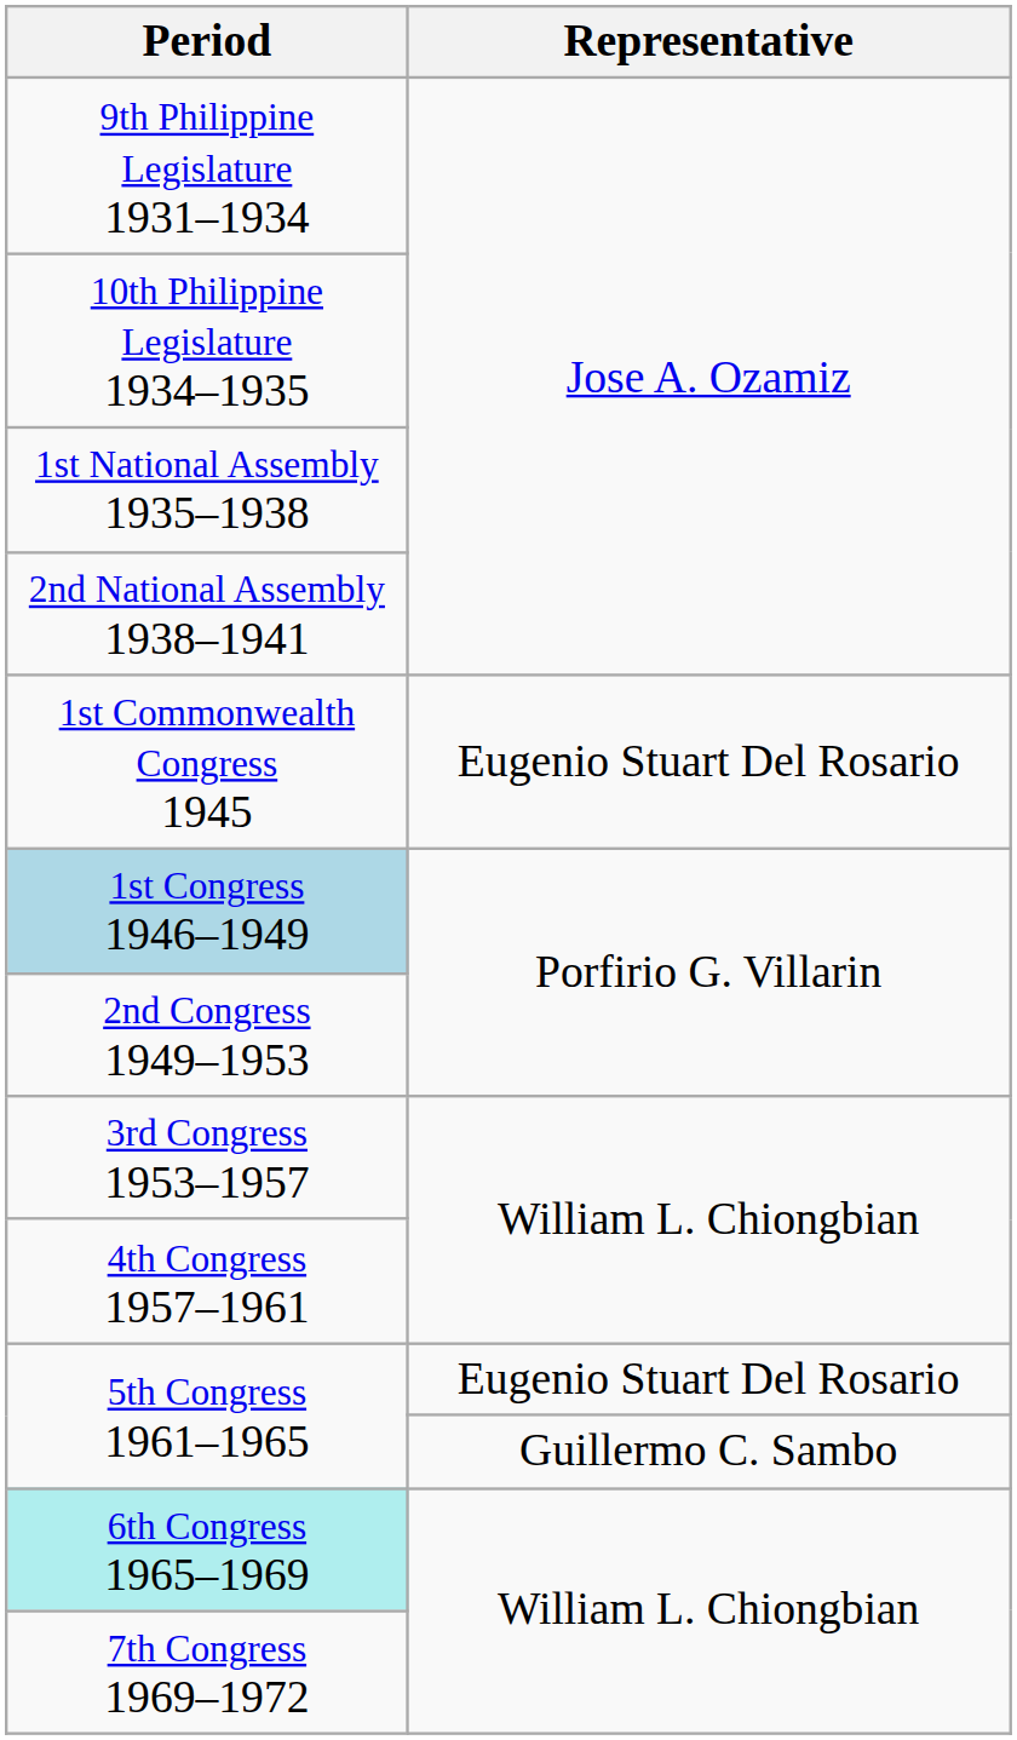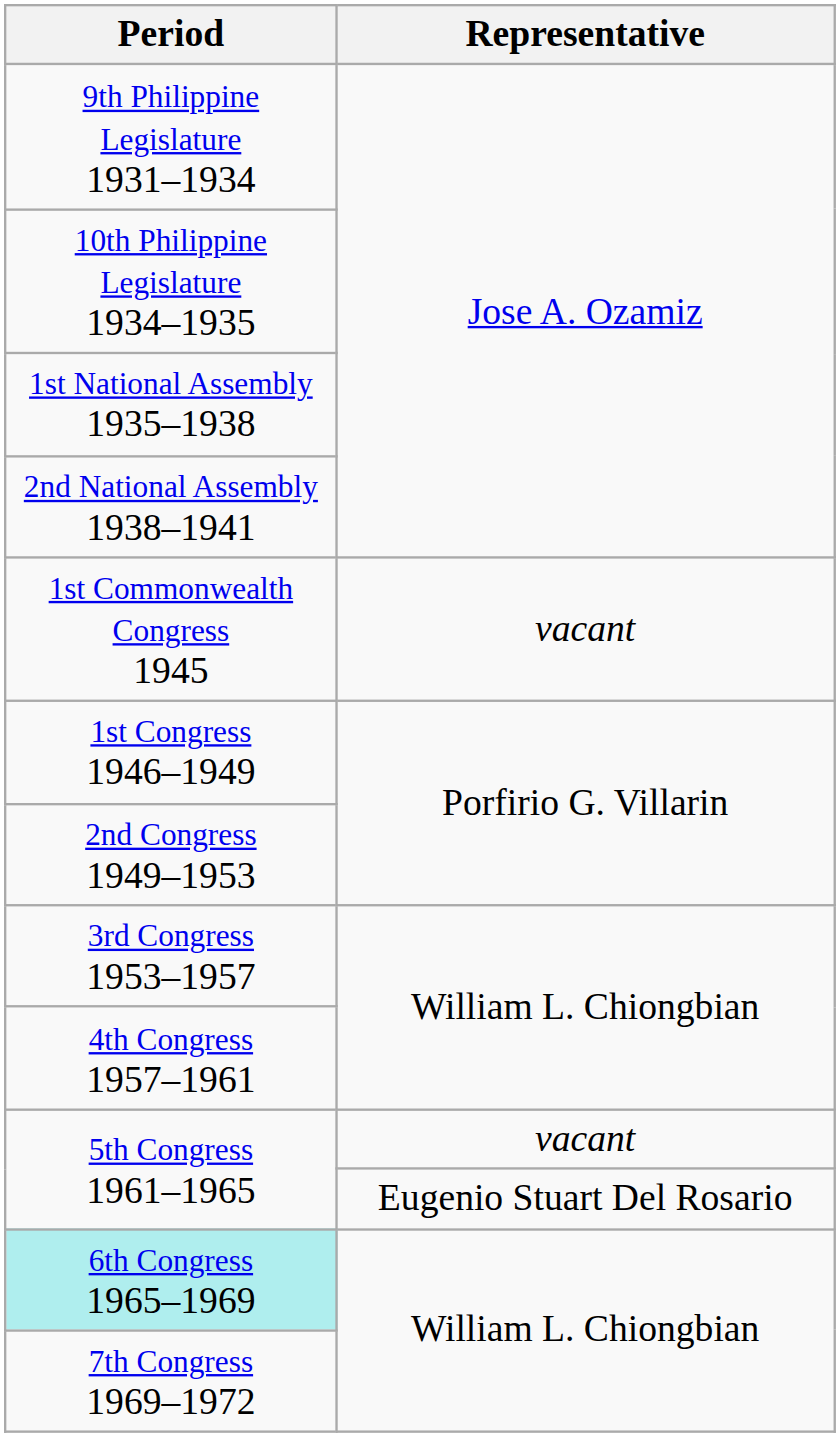 <table class="wikitable" style="text-align:center; width:40%;">
 <tr>
 <th width="40%">Period</th>
 <th>Representative</th>
 </tr>
 <tr>
 <td><small><a href='#'>9th Philippine Legislature</a></small><br>1931–1934</td>
 <td rowspan="4"><a href='#'>Jose A. Ozamiz</a></td>
 </tr>
 <tr>
 <td><small><a href='#'>10th Philippine Legislature</a></small><br>1934–1935</td>
 </tr>
 <tr>
 <td><small><a href='#'>1st National Assembly</a></small><br>1935–1938</td>
 </tr>
 <tr>
 <td><small><a href='#'>2nd National Assembly</a></small><br>1938–1941</td>
 </tr>
 <tr>
 <td><small><a href='#'>1st Commonwealth Congress</a></small><br>1945</td>
-<td>Eugenio Stuart Del Rosario</td>
+<td><em>vacant</em></td>
 </tr>
 <tr>
-<td style="background: lightblue;"><small><a href='#'>1st Congress</a></small><br>1946–1949</td>
+<td><small><a href='#'>1st Congress</a></small><br>1946–1949</td>
 <td rowspan="2">Porfirio G. Villarin</td>
 </tr>
 <tr>
 <td><small><a href='#'>2nd Congress</a></small><br>1949–1953</td>
 </tr>
 <tr>
 <td><small><a href='#'>3rd Congress</a></small><br>1953–1957</td>
 <td rowspan="2">William L. Chiongbian</td>
 </tr>
 <tr>
 <td><small><a href='#'>4th Congress</a></small><br>1957–1961</td>
 </tr>
 <tr>
 <td rowspan="2"><small><a href='#'>5th Congress</a></small><br>1961–1965</td>
-<td>Eugenio Stuart Del Rosario</td>
+<td><em>vacant</em></td>
 </tr>
 <tr>
-<td>Guillermo C. Sambo</td>
+<td>Eugenio Stuart Del Rosario</td>
 </tr>
 <tr>
 <td style="background: paleturquoise;"><small><a href='#'>6th Congress</a></small><br>1965–1969</td>
 <td rowspan="2">William L. Chiongbian</td>
 </tr>
 <tr>
 <td><small><a href='#'>7th Congress</a></small><br>1969–1972</td>
 </tr>
 </table>
